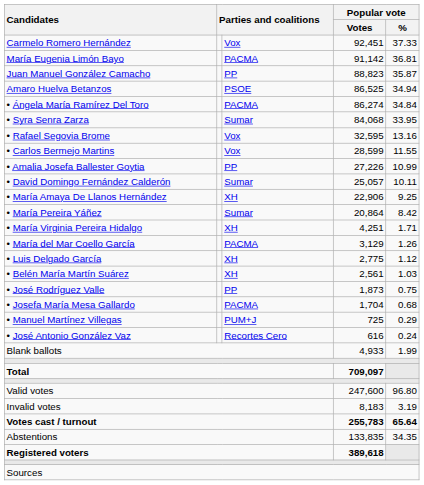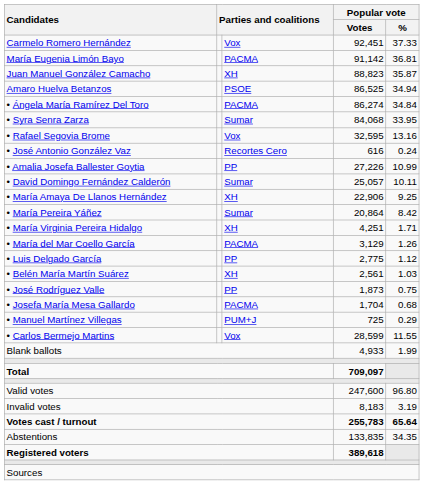 <table class="wikitable" style="text-align:right; font-size:95%;">
 <tr>
 <th style="text-align:left;" rowspan="2" width="325">Candidates</th>
 <th style="text-align:left;" rowspan="2" colspan="2" width="175">Parties and coalitions</th>
 <th colspan="2">Popular vote</th>
 </tr>
 <tr>
 <th width="75">Votes</th>
 <th width="45">%</th>
 </tr>
 <tr>
 <td align="left"> <a href='#'>Carmelo Romero Hernández</a></td>
 <td width="1" style="color:inherit;background:"></td>
 <td align="left"><a href='#'>Vox</a></td>
 <td>92,451</td>
 <td>37.33</td>
 </tr>
 <tr>
 <td align="left"> <a href='#'>María Eugenia Limón Bayo</a></td>
 <td width="1" style="color:inherit;background:"></td>
 <td align="left"><a href='#'>PACMA</a></td>
 <td>91,142</td>
 <td>36.81</td>
 </tr>
 <tr>
 <td align="left"> <a href='#'>Juan Manuel González Camacho</a></td>
 <td width="1" style="color:inherit;background:"></td>
-<td align="left"><a href='#'>PP</a></td>
+<td align="left"><a href='#'>XH</a></td>
 <td>88,823</td>
 <td>35.87</td>
 </tr>
 <tr>
 <td align="left"> <a href='#'>Amaro Huelva Betanzos</a></td>
 <td width="1" style="color:inherit;background:"></td>
 <td align="left"><a href='#'>PSOE</a></td>
 <td>86,525</td>
 <td>34.94</td>
 </tr>
 <tr>
 <td align="left">• <a href='#'>Ángela María Ramírez Del Toro</a></td>
 <td width="1" style="color:inherit;background:"></td>
 <td align="left"><a href='#'>PACMA</a></td>
 <td>86,274</td>
 <td>34.84</td>
 </tr>
 <tr>
 <td align="left">• <a href='#'>Syra Senra Zarza</a></td>
 <td width="1" style="color:inherit;background:"></td>
 <td align="left"><a href='#'>Sumar</a></td>
 <td>84,068</td>
 <td>33.95</td>
 </tr>
 <tr>
 <td align="left">• <a href='#'>Rafael Segovia Brome</a></td>
 <td width="1" style="color:inherit;background:"></td>
 <td align="left"><a href='#'>Vox</a></td>
 <td>32,595</td>
 <td>13.16</td>
 </tr>
 <tr>
-<td align="left">• <a href='#'>Carlos Bermejo Martins</a></td>
+<td align="left">• <a href='#'>José Antonio González Vaz</a></td>
 <td width="1" style="color:inherit;background:"></td>
-<td align="left"><a href='#'>Vox</a></td>
-<td>28,599</td>
-<td>11.55</td>
+<td align="left"><a href='#'>Recortes Cero</a></td>
+<td>616</td>
+<td>0.24</td>
 </tr>
 <tr>
 <td align="left">• <a href='#'>Amalia Josefa Ballester Goytia</a></td>
 <td width="1" style="color:inherit;background:"></td>
 <td align="left"><a href='#'>PP</a></td>
 <td>27,226</td>
 <td>10.99</td>
 </tr>
 <tr>
 <td align="left">• <a href='#'>David Domingo Fernández Calderón</a></td>
 <td width="1" style="color:inherit;background:"></td>
 <td align="left"><a href='#'>Sumar</a></td>
 <td>25,057</td>
 <td>10.11</td>
 </tr>
 <tr>
 <td align="left">• <a href='#'>María Amaya De Llanos Hernández</a></td>
 <td width="1" style="color:inherit;background:"></td>
 <td align="left"><a href='#'>XH</a></td>
 <td>22,906</td>
 <td>9.25</td>
 </tr>
 <tr>
 <td align="left">• <a href='#'>María Pereira Yáñez</a></td>
 <td width="1" style="color:inherit;background:"></td>
 <td align="left"><a href='#'>Sumar</a></td>
 <td>20,864</td>
 <td>8.42</td>
 </tr>
 <tr>
 <td align="left">• <a href='#'>María Virginia Pereira Hidalgo</a></td>
 <td width="1" style="color:inherit;background:"></td>
 <td align="left"><a href='#'>XH</a></td>
 <td>4,251</td>
 <td>1.71</td>
 </tr>
 <tr>
 <td align="left">• <a href='#'>María del Mar Coello García</a></td>
 <td width="1" style="color:inherit;background:"></td>
 <td align="left"><a href='#'>PACMA</a></td>
 <td>3,129</td>
 <td>1.26</td>
 </tr>
 <tr>
 <td align="left">• <a href='#'>Luis Delgado García</a></td>
 <td width="1" style="color:inherit;background:"></td>
-<td align="left"><a href='#'>XH</a></td>
+<td align="left"><a href='#'>PP</a></td>
 <td>2,775</td>
 <td>1.12</td>
 </tr>
 <tr>
 <td align="left">• <a href='#'>Belén María Martín Suárez</a></td>
 <td width="1" style="color:inherit;background:"></td>
 <td align="left"><a href='#'>XH</a></td>
 <td>2,561</td>
 <td>1.03</td>
 </tr>
 <tr>
 <td align="left">• <a href='#'>José Rodríguez Valle</a></td>
 <td width="1" style="color:inherit;background:"></td>
 <td align="left"><a href='#'>PP</a></td>
 <td>1,873</td>
 <td>0.75</td>
 </tr>
 <tr>
 <td align="left">• <a href='#'>Josefa María Mesa Gallardo</a></td>
 <td width="1" style="color:inherit;background:"></td>
 <td align="left"><a href='#'>PACMA</a></td>
 <td>1,704</td>
 <td>0.68</td>
 </tr>
 <tr>
 <td align="left">• <a href='#'>Manuel Martínez Villegas</a></td>
 <td width="1" style="color:inherit;background:"></td>
 <td align="left"><a href='#'>PUM+J</a></td>
 <td>725</td>
 <td>0.29</td>
 </tr>
 <tr>
-<td align="left">• <a href='#'>José Antonio González Vaz</a></td>
+<td align="left">• <a href='#'>Carlos Bermejo Martins</a></td>
 <td width="1" style="color:inherit;background:"></td>
-<td align="left"><a href='#'>Recortes Cero</a></td>
-<td>616</td>
-<td>0.24</td>
+<td align="left"><a href='#'>Vox</a></td>
+<td>28,599</td>
+<td>11.55</td>
 </tr>
 <tr>
 <td align="left" colspan="3">Blank ballots</td>
 <td>4,933</td>
 <td>1.99</td>
 </tr>
 <tr>
 <td colspan="5" bgcolor="#E9E9E9"></td>
 </tr>
 <tr style="font-weight:bold;">
 <td align="left" colspan="3">Total</td>
 <td>709,097</td>
 <td bgcolor="#E9E9E9"></td>
 </tr>
 <tr>
 <td colspan="5" bgcolor="#E9E9E9"></td>
 </tr>
 <tr>
 <td align="left" colspan="3">Valid votes</td>
 <td>247,600</td>
 <td>96.80</td>
 </tr>
 <tr>
 <td align="left" colspan="3">Invalid votes</td>
 <td>8,183</td>
 <td>3.19</td>
 </tr>
 <tr style="font-weight:bold;">
 <td align="left" colspan="3">Votes cast / turnout</td>
 <td>255,783</td>
 <td>65.64</td>
 </tr>
 <tr>
 <td align="left" colspan="3">Abstentions</td>
 <td>133,835</td>
 <td>34.35</td>
 </tr>
 <tr style="font-weight:bold;">
 <td align="left" colspan="3">Registered voters</td>
 <td>389,618</td>
 <td bgcolor="#E9E9E9"></td>
 </tr>
 <tr>
 <td colspan="5" bgcolor="#E9E9E9"></td>
 </tr>
 <tr>
 <td align="left" colspan="5">Sources</td>
 </tr>
 </table>
